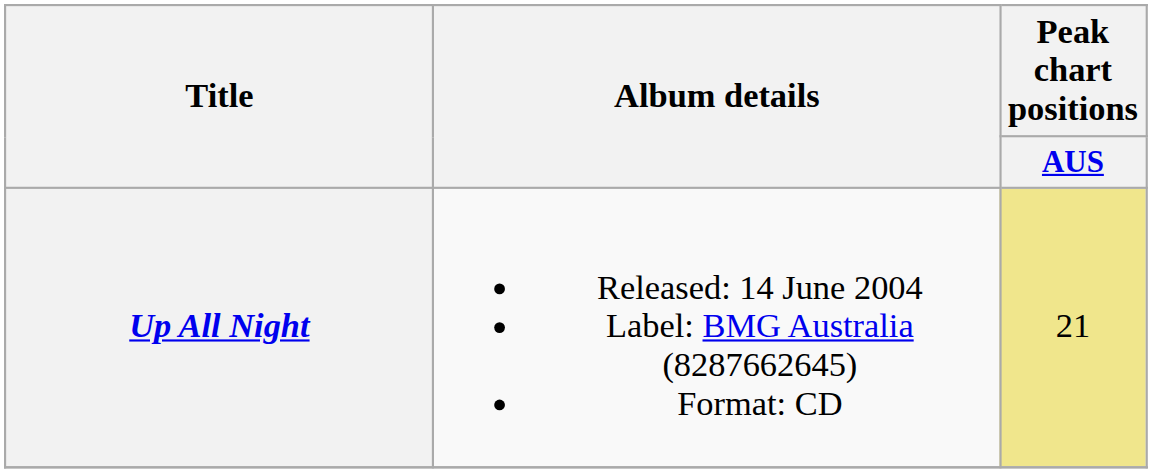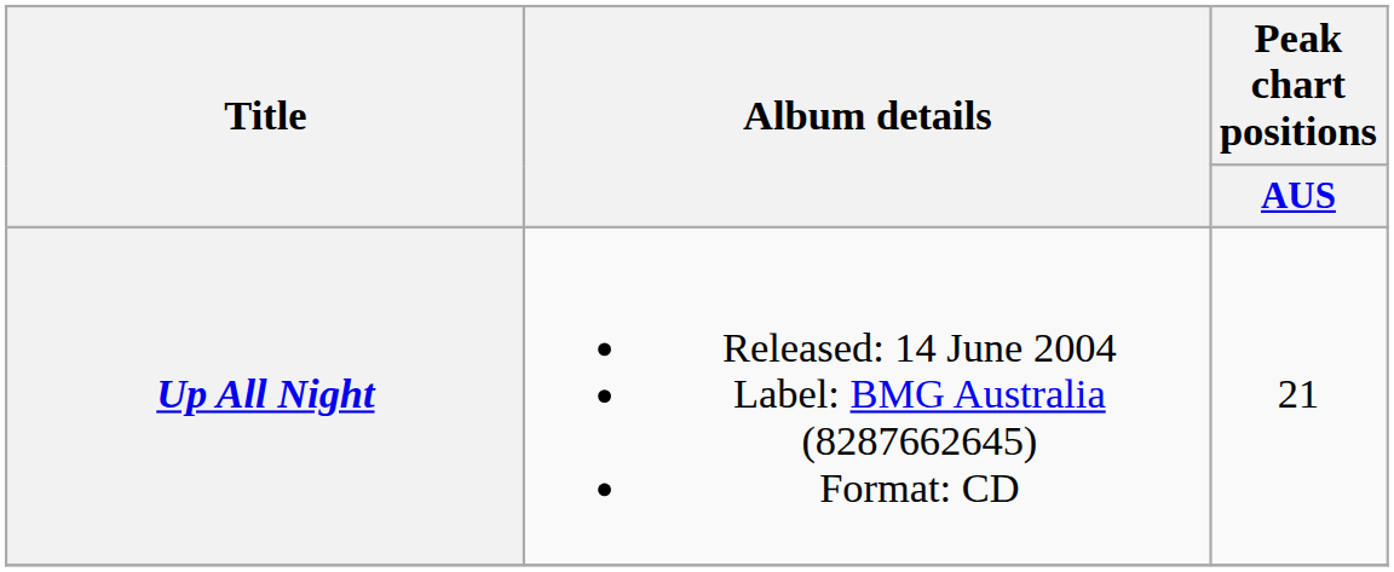 <table class="wikitable plainrowheaders" style="text-align:center;" border="1">
 <tr>
 <th scope="col" rowspan="2" style="width:12em;">Title</th>
 <th scope="col" rowspan="2" style="width:16em;">Album details</th>
 <th scope="col" colspan="1">Peak chart positions</th>
 </tr>
 <tr>
 <th scope="col" style="width:2.2em;font-size:90%;"><a href='#'>AUS</a><br></th>
 </tr>
 <tr>
 <th scope="row"><em><a href='#'>Up All Night</a></em></th>
 <td><br><ul><li>Released: 14 June 2004</li><li>Label: <a href='#'>BMG Australia</a> (8287662645)</li><li>Format: CD</li></ul></td>
-<td style="background: khaki;">21</td>
+<td>21</td>
 </tr>
 <tr>
 </tr>
 </table>
